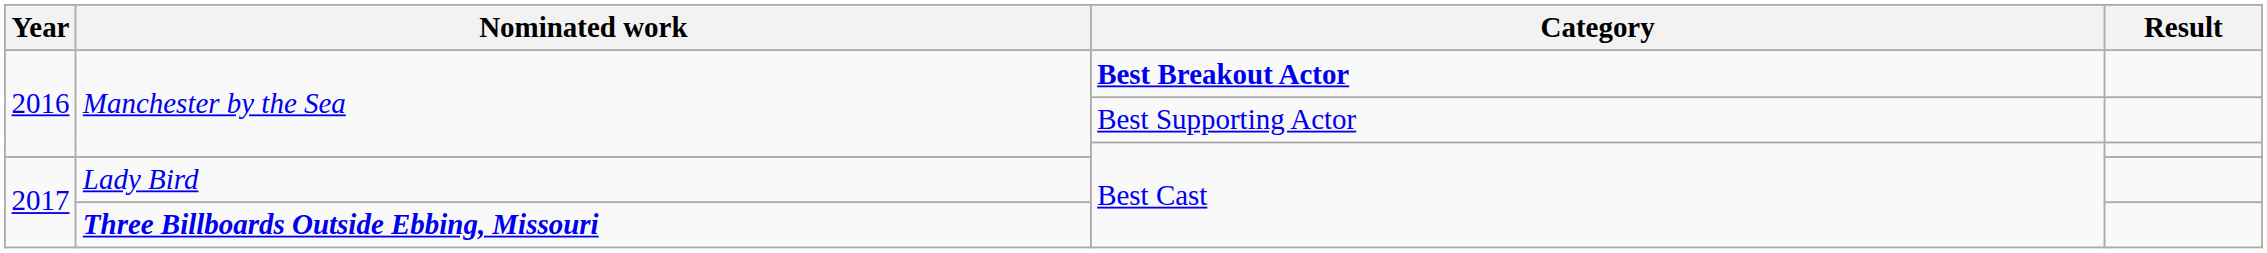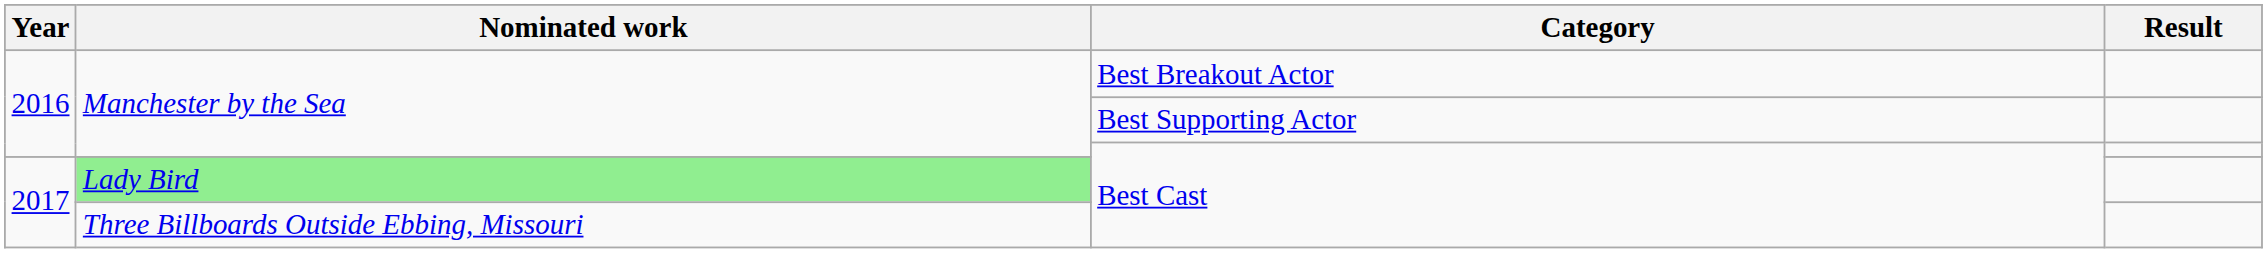 <table class="wikitable">
 <tr>
 <th scope="col" style="width:1em;">Year</th>
 <th scope="col" style="width:35em;">Nominated work</th>
 <th scope="col" style="width:35em;">Category</th>
 <th scope="col" style="width:5em;">Result</th>
 </tr>
 <tr>
 <td rowspan="3"><a href='#'>2016</a></td>
 <td rowspan="3"><em><a href='#'>Manchester by the Sea</a></em></td>
-<td><strong><a href='#'>Best Breakout Actor</a></strong></td>
+<td><a href='#'>Best Breakout Actor</a></td>
 <td></td>
 </tr>
 <tr>
 <td><a href='#'>Best Supporting Actor</a></td>
 <td></td>
 </tr>
 <tr>
 <td rowspan="3"><a href='#'>Best Cast</a></td>
 <td></td>
 </tr>
 <tr>
 <td rowspan="2"><a href='#'>2017</a></td>
-<td><em><a href='#'>Lady Bird</a></em></td>
+<td style="background: lightgreen;"><em><a href='#'>Lady Bird</a></em></td>
 <td></td>
 </tr>
 <tr>
-<td><strong><em><a href='#'>Three Billboards Outside Ebbing, Missouri</a></em></strong></td>
+<td><em><a href='#'>Three Billboards Outside Ebbing, Missouri</a></em></td>
 <td></td>
 </tr>
 </table>
